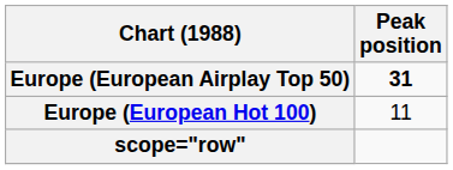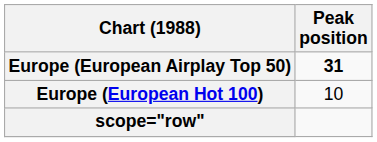 <table class="wikitable sortable plainrowheaders">
 <tr>
 <th>Chart (1988)</th>
 <th align="center">Peak<br>position</th>
 </tr>
 <tr>
 <th scope="row">Europe (European Airplay Top 50)</th>
 <td align="center"><strong>31</strong></td>
 </tr>
 <tr>
 <th scope="row">Europe (<a href='#'>European Hot 100</a>)</th>
-<td align="center">11</td>
+<td align="center">10</td>
 </tr>
 <tr>
 <th>scope="row"</th>
 </tr>
 <tr>
 </tr>
 </table>
